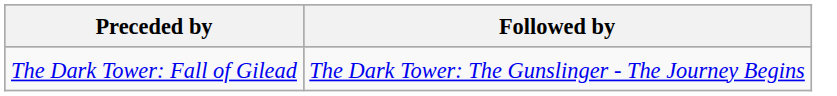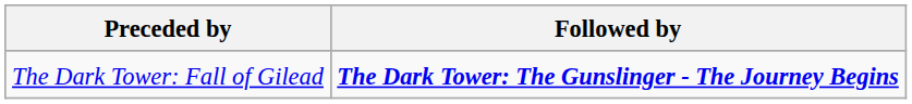 <table class="wikitable">
 <tr>
 <th><small><strong>Preceded by</strong></small></th>
 <th><small><strong>Followed by</strong></small></th>
 </tr>
 <tr>
 <td><small><em><a href='#'>The Dark Tower: Fall of Gilead</a></em></small></td>
-<td><small><em><a href='#'>The Dark Tower: The Gunslinger - The Journey Begins</a></em></small></td>
+<td><strong><small><em><a href='#'>The Dark Tower: The Gunslinger - The Journey Begins</a></em></small></strong></td>
 </tr>
 </table>
